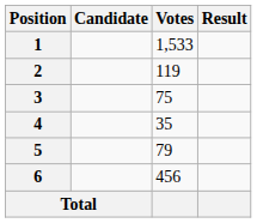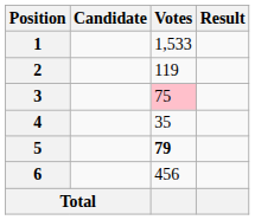 <table class="wikitable sortable col3right">
 <tr>
 <th scope="col">Position</th>
 <th scope="col">Candidate</th>
 <th scope="col">Votes</th>
 <th scope="col">Result</th>
 </tr>
 <tr>
 <th scope="row">1</th>
 <td></td>
 <td>1,533</td>
 <td></td>
 </tr>
 <tr>
 <th scope="row">2</th>
 <td></td>
 <td>119</td>
 <td></td>
 </tr>
 <tr>
 <th scope="row">3</th>
 <td></td>
-<td>75</td>
+<td style="background: pink;">75</td>
 <td></td>
 </tr>
 <tr>
 <th scope="row">4</th>
 <td></td>
 <td>35</td>
 <td></td>
 </tr>
 <tr>
 <th scope="row">5</th>
 <td></td>
-<td>79</td>
+<td><strong>79</strong></td>
 <td></td>
 </tr>
 <tr>
 <th scope="row">6</th>
 <td></td>
 <td>456</td>
 <td></td>
 </tr>
 <tr class="sortbottom">
 <th scope="row" colspan="2">Total</th>
 <th></th>
 <th></th>
 </tr>
 </table>
